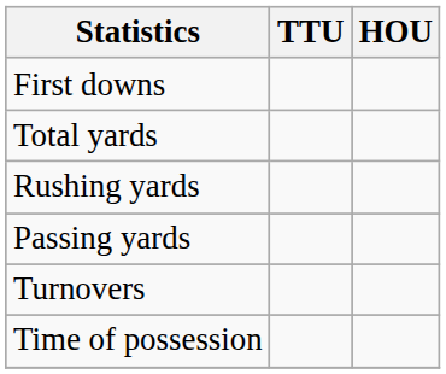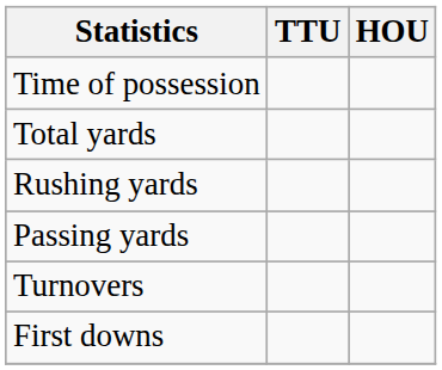 <table class="wikitable" style="float: left;">
 <tr>
 <th>Statistics</th>
 <th>TTU</th>
 <th>HOU</th>
 </tr>
 <tr>
-<td>First downs</td>
+<td>Time of possession</td>
 <td></td>
 <td></td>
 </tr>
 <tr>
 <td>Total yards</td>
 <td></td>
 <td></td>
 </tr>
 <tr>
 <td>Rushing yards</td>
 <td></td>
 <td></td>
 </tr>
 <tr>
 <td>Passing yards</td>
 <td></td>
 <td></td>
 </tr>
 <tr>
 <td>Turnovers</td>
 <td></td>
 <td></td>
 </tr>
 <tr>
-<td>Time of possession</td>
+<td>First downs</td>
 <td></td>
 <td></td>
 </tr>
 <tr>
 </tr>
 </table>
